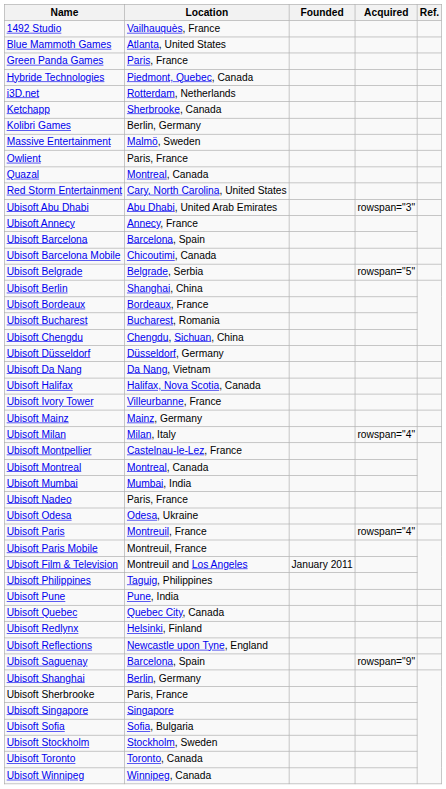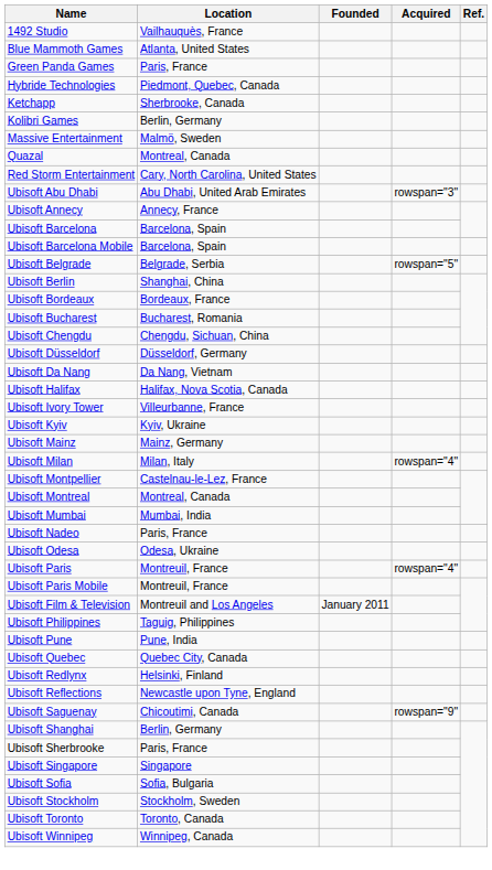 <table class="wikitable sortable">
 <tr>
 <th>Name</th>
 <th>Location</th>
 <th>Founded</th>
 <th>Acquired</th>
 <th>Ref.</th>
 </tr>
 <tr>
 <td><a href='#'>1492 Studio</a></td>
 <td><a href='#'>Vailhauquès</a>, France</td>
 <td></td>
 <td></td>
 <td></td>
 </tr>
 <tr>
 <td><a href='#'>Blue Mammoth Games</a></td>
 <td><a href='#'>Atlanta</a>, United States</td>
 <td></td>
 <td></td>
 <td></td>
 </tr>
 <tr>
 <td><a href='#'>Green Panda Games</a></td>
 <td><a href='#'>Paris</a>, France</td>
 <td></td>
 <td></td>
 <td></td>
 </tr>
 <tr>
 <td><a href='#'>Hybride Technologies</a></td>
 <td><a href='#'>Piedmont, Quebec</a>, Canada</td>
 <td></td>
 <td></td>
 <td></td>
 </tr>
 <tr>
-<td><a href='#'>i3D.net</a></td>
-<td><a href='#'>Rotterdam</a>, Netherlands</td>
-<td></td>
-<td></td>
-<td></td>
-</tr>
-<tr>
 <td><a href='#'>Ketchapp</a></td>
 <td><a href='#'>Sherbrooke</a>, Canada</td>
 <td></td>
 <td></td>
 <td></td>
 </tr>
 <tr>
 <td><a href='#'>Kolibri Games</a></td>
 <td>Berlin, Germany</td>
 <td></td>
 <td></td>
 <td></td>
 </tr>
 <tr>
 <td><a href='#'>Massive Entertainment</a></td>
 <td><a href='#'>Malmö</a>, Sweden</td>
-<td></td>
-<td></td>
-<td></td>
-</tr>
-<tr>
-<td><a href='#'>Owlient</a></td>
-<td>Paris, France</td>
 <td></td>
 <td></td>
 <td></td>
 </tr>
 <tr>
 <td><a href='#'>Quazal</a></td>
 <td><a href='#'>Montreal</a>, Canada</td>
 <td></td>
 <td></td>
 <td></td>
 </tr>
 <tr>
 <td><a href='#'>Red Storm Entertainment</a></td>
 <td><a href='#'>Cary, North Carolina</a>, United States</td>
 <td></td>
 <td></td>
 <td></td>
 </tr>
 <tr>
 <td><a href='#'>Ubisoft Abu Dhabi</a></td>
 <td><a href='#'>Abu Dhabi</a>, United Arab Emirates</td>
 <td></td>
 <td>rowspan="3" </td>
 <td></td>
 </tr>
 <tr>
 <td><a href='#'>Ubisoft Annecy</a></td>
 <td><a href='#'>Annecy</a>, France</td>
 <td></td>
 <td></td>
 </tr>
 <tr>
 <td><a href='#'>Ubisoft Barcelona</a></td>
 <td><a href='#'>Barcelona</a>, Spain</td>
 <td></td>
 <td></td>
 </tr>
 <tr>
 <td><a href='#'>Ubisoft Barcelona Mobile</a></td>
-<td><a href='#'>Chicoutimi</a>, Canada</td>
+<td><a href='#'>Barcelona</a>, Spain</td>
 <td></td>
 <td></td>
 <td></td>
 </tr>
 <tr>
 <td><a href='#'>Ubisoft Belgrade</a></td>
 <td><a href='#'>Belgrade</a>, Serbia</td>
 <td></td>
 <td>rowspan="5" </td>
 <td></td>
 </tr>
 <tr>
 <td><a href='#'>Ubisoft Berlin</a></td>
 <td><a href='#'>Shanghai</a>, China</td>
 <td></td>
 <td></td>
 </tr>
 <tr>
 <td><a href='#'>Ubisoft Bordeaux</a></td>
 <td><a href='#'>Bordeaux</a>, France</td>
 <td></td>
 <td></td>
 </tr>
 <tr>
 <td><a href='#'>Ubisoft Bucharest</a></td>
 <td><a href='#'>Bucharest</a>, Romania</td>
 <td></td>
 <td></td>
 </tr>
 <tr>
 <td><a href='#'>Ubisoft Chengdu</a></td>
 <td><a href='#'>Chengdu</a>, <a href='#'>Sichuan</a>, China</td>
 <td></td>
 <td></td>
 </tr>
 <tr>
 <td><a href='#'>Ubisoft Düsseldorf</a></td>
 <td><a href='#'>Düsseldorf</a>, Germany</td>
 <td></td>
 <td></td>
 <td></td>
 </tr>
 <tr>
 <td><a href='#'>Ubisoft Da Nang</a></td>
 <td><a href='#'>Da Nang</a>, Vietnam</td>
 <td></td>
 <td></td>
 <td></td>
 </tr>
 <tr>
 <td><a href='#'>Ubisoft Halifax</a></td>
 <td><a href='#'>Halifax, Nova Scotia</a>, Canada</td>
 <td></td>
 <td></td>
 <td></td>
 </tr>
 <tr>
 <td><a href='#'>Ubisoft Ivory Tower</a></td>
 <td><a href='#'>Villeurbanne</a>, France</td>
+<td></td>
+<td></td>
+<td></td>
+</tr>
+<tr>
+<td><a href='#'>Ubisoft Kyiv</a></td>
+<td><a href='#'>Kyiv</a>, Ukraine</td>
 <td></td>
 <td></td>
 <td></td>
 </tr>
 <tr>
 <td><a href='#'>Ubisoft Mainz</a></td>
 <td><a href='#'>Mainz</a>, Germany</td>
 <td></td>
 <td></td>
 <td></td>
 </tr>
 <tr>
 <td><a href='#'>Ubisoft Milan</a></td>
 <td><a href='#'>Milan</a>, Italy</td>
 <td></td>
 <td>rowspan="4" </td>
 <td></td>
 </tr>
 <tr>
 <td><a href='#'>Ubisoft Montpellier</a></td>
 <td><a href='#'>Castelnau-le-Lez</a>, France</td>
 <td></td>
 <td></td>
 </tr>
 <tr>
 <td><a href='#'>Ubisoft Montreal</a></td>
 <td><a href='#'>Montreal</a>, Canada</td>
 <td></td>
 <td></td>
 </tr>
 <tr>
 <td><a href='#'>Ubisoft Mumbai</a></td>
 <td><a href='#'>Mumbai</a>, India</td>
 <td></td>
 <td></td>
 </tr>
 <tr>
 <td><a href='#'>Ubisoft Nadeo</a></td>
 <td>Paris, France</td>
 <td></td>
 <td></td>
 <td></td>
 </tr>
 <tr>
 <td><a href='#'>Ubisoft Odesa</a></td>
 <td><a href='#'>Odesa</a>, Ukraine</td>
 <td></td>
 <td></td>
 <td></td>
 </tr>
 <tr>
 <td><a href='#'>Ubisoft Paris</a></td>
 <td><a href='#'>Montreuil</a>, France</td>
 <td></td>
 <td>rowspan="4" </td>
 <td></td>
 </tr>
 <tr>
 <td><a href='#'>Ubisoft Paris Mobile</a></td>
 <td>Montreuil, France</td>
 <td></td>
 <td></td>
 </tr>
 <tr>
 <td><a href='#'>Ubisoft Film & Television</a></td>
 <td>Montreuil and <a href='#'>Los Angeles</a></td>
 <td>January 2011</td>
 <td></td>
 </tr>
 <tr>
 <td><a href='#'>Ubisoft Philippines</a></td>
 <td><a href='#'>Taguig</a>, Philippines</td>
 <td></td>
 <td></td>
 </tr>
 <tr>
 <td><a href='#'>Ubisoft Pune</a></td>
 <td><a href='#'>Pune</a>, India</td>
 <td></td>
 <td></td>
 <td></td>
 </tr>
 <tr>
 <td><a href='#'>Ubisoft Quebec</a></td>
 <td><a href='#'>Quebec City</a>, Canada</td>
 <td></td>
 <td></td>
 <td></td>
 </tr>
 <tr>
 <td><a href='#'>Ubisoft Redlynx</a></td>
 <td><a href='#'>Helsinki</a>, Finland</td>
 <td></td>
 <td></td>
 <td></td>
 </tr>
 <tr>
 <td><a href='#'>Ubisoft Reflections</a></td>
 <td><a href='#'>Newcastle upon Tyne</a>, England</td>
 <td></td>
 <td></td>
 <td></td>
 </tr>
 <tr>
 <td><a href='#'>Ubisoft Saguenay</a></td>
-<td><a href='#'>Barcelona</a>, Spain</td>
+<td><a href='#'>Chicoutimi</a>, Canada</td>
 <td></td>
 <td>rowspan="9" </td>
 <td></td>
 </tr>
 <tr>
 <td><a href='#'>Ubisoft Shanghai</a></td>
 <td><a href='#'>Berlin</a>, Germany</td>
 <td></td>
 <td></td>
 </tr>
 <tr>
 <td>Ubisoft Sherbrooke</td>
 <td>Paris, France</td>
 <td></td>
 <td></td>
 </tr>
 <tr>
 <td><a href='#'>Ubisoft Singapore</a></td>
 <td><a href='#'>Singapore</a></td>
 <td></td>
 <td></td>
 </tr>
 <tr>
 <td><a href='#'>Ubisoft Sofia</a></td>
 <td><a href='#'>Sofia</a>, Bulgaria</td>
 <td></td>
 <td></td>
 </tr>
 <tr>
 <td><a href='#'>Ubisoft Stockholm</a></td>
 <td><a href='#'>Stockholm</a>, Sweden</td>
 <td></td>
 <td></td>
 </tr>
 <tr>
 <td><a href='#'>Ubisoft Toronto</a></td>
 <td><a href='#'>Toronto</a>, Canada</td>
 <td></td>
 <td></td>
 </tr>
 <tr>
 <td><a href='#'>Ubisoft Winnipeg</a></td>
 <td><a href='#'>Winnipeg</a>, Canada</td>
 <td></td>
 <td></td>
 </tr>
 </table>
